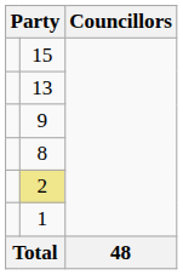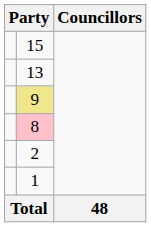 <table class="wikitable">
 <tr>
 <th colspan=2>Party</th>
 <th>Councillors</th>
 </tr>
 <tr>
 <td></td>
 <td align=center>15</td>
 </tr>
 <tr>
 <td></td>
 <td align=center>13</td>
 </tr>
 <tr>
 <td></td>
-<td align=center>9</td>
+<td align=center style="background: khaki;">9</td>
 </tr>
 <tr>
 <td></td>
-<td align=center>8</td>
+<td align=center style="background: pink;">8</td>
 </tr>
 <tr>
 <td></td>
-<td align=center style="background: khaki;">2</td>
+<td align=center>2</td>
 </tr>
 <tr>
 <td></td>
 <td align=center>1</td>
 </tr>
 <tr>
 <th colspan=2>Total</th>
 <th align=center>48</th>
 </tr>
 </table>
